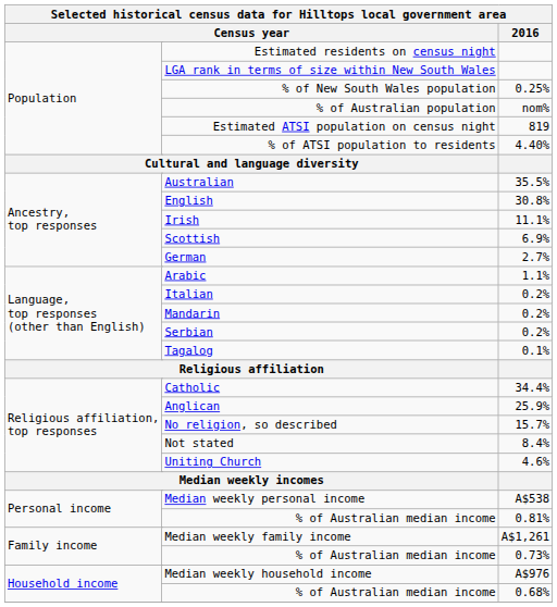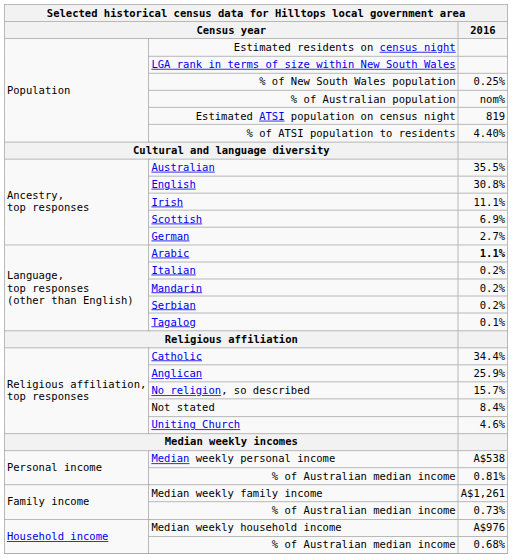 <table class="wikitable">
 <tr>
 <th colspan=6>Selected historical census data for Hilltops local government area</th>
 </tr>
 <tr>
 <th colspan=3>Census year</th>
 <th>2016</th>
 </tr>
 <tr>
 <td rowspan=6 colspan="2">Population</td>
 <td align=right>Estimated residents on <a href='#'>census night</a></td>
 <td align="right"></td>
 </tr>
 <tr>
 <td align="right"><a href='#'>LGA rank in terms of size within New South Wales</a></td>
 <td align="right"></td>
 </tr>
 <tr>
 <td align="right">% of New South Wales population</td>
 <td align="right">0.25%</td>
 </tr>
 <tr>
 <td align="right">% of Australian population</td>
 <td align="right">nom%</td>
 </tr>
 <tr>
 <td align="right">Estimated <a href='#'>ATSI</a> population on census night</td>
 <td align="right">819</td>
 </tr>
 <tr>
 <td align="right">% of ATSI population to residents</td>
 <td align="right">4.40%</td>
 </tr>
 <tr>
 <th colspan=3>Cultural and language diversity</th>
 <th></th>
 </tr>
 <tr>
 <td rowspan=5 colspan=2>Ancestry,<br>top responses</td>
 <td><a href='#'>Australian</a></td>
 <td align="right">35.5%</td>
 </tr>
 <tr>
 <td><a href='#'>English</a></td>
 <td align="right">30.8%</td>
 </tr>
 <tr>
 <td><a href='#'>Irish</a></td>
 <td align="right">11.1%</td>
 </tr>
 <tr>
 <td><a href='#'>Scottish</a></td>
 <td align="right">6.9%</td>
 </tr>
 <tr>
 <td><a href='#'>German</a></td>
 <td align="right">2.7%</td>
 </tr>
 <tr>
 <td rowspan=5 colspan=2>Language,<br>top responses<br>(other than English)</td>
 <td><a href='#'>Arabic</a></td>
-<td align="right">1.1%</td>
+<td align="right"><strong>1.1%</strong></td>
 </tr>
 <tr>
 <td><a href='#'>Italian</a></td>
 <td align="right">0.2%</td>
 </tr>
 <tr>
 <td><a href='#'>Mandarin</a></td>
 <td align="right">0.2%</td>
 </tr>
 <tr>
 <td><a href='#'>Serbian</a></td>
 <td align="right">0.2%</td>
 </tr>
 <tr>
 <td><a href='#'>Tagalog</a></td>
 <td align="right">0.1%</td>
 </tr>
 <tr>
 <th colspan=3>Religious affiliation</th>
 <th></th>
 </tr>
 <tr>
 <td rowspan=5 colspan=2>Religious affiliation,<br>top responses</td>
 <td><a href='#'>Catholic</a></td>
 <td align="right">34.4%</td>
 </tr>
 <tr>
 <td><a href='#'>Anglican</a></td>
 <td align="right">25.9%</td>
 </tr>
 <tr>
 <td><a href='#'>No religion</a>, so described</td>
 <td align="right">15.7%</td>
 </tr>
 <tr>
 <td>Not stated</td>
 <td align="right">8.4%</td>
 </tr>
 <tr>
 <td><a href='#'>Uniting Church</a></td>
 <td align="right">4.6%</td>
 </tr>
 <tr>
 <th colspan=3>Median weekly incomes</th>
 <th></th>
 </tr>
 <tr>
 <td rowspan=2 colspan=2>Personal income</td>
 <td><a href='#'>Median</a> weekly personal income</td>
 <td align="right">A$538</td>
 </tr>
 <tr>
 <td align="right">% of Australian median income</td>
 <td align="right">0.81%</td>
 </tr>
 <tr>
 <td rowspan=2 colspan=2>Family income</td>
 <td>Median weekly family income</td>
 <td align="right">A$1,261</td>
 </tr>
 <tr>
 <td align="right">% of Australian median income</td>
 <td align="right">0.73%</td>
 </tr>
 <tr>
 <td rowspan=2 colspan=2><a href='#'>Household income</a></td>
 <td>Median weekly household income</td>
 <td align="right">A$976</td>
 </tr>
 <tr>
 <td align="right">% of Australian median income</td>
 <td align="right">0.68%</td>
 </tr>
 <tr>
 </tr>
 </table>
